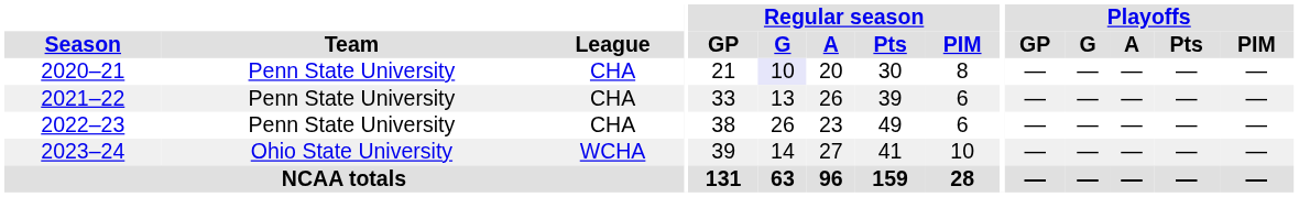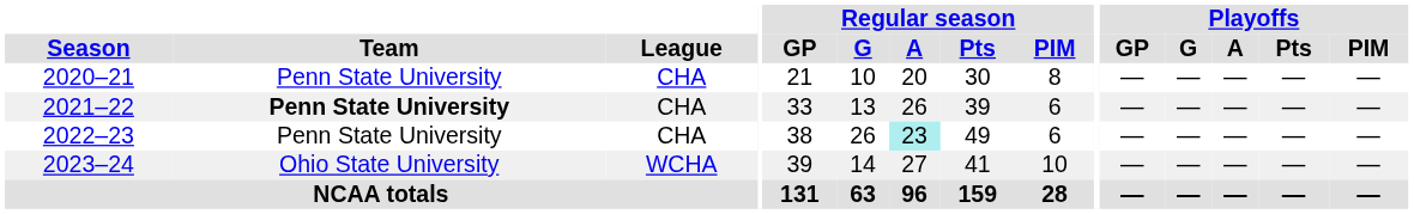 <table border="0" cellpadding="1" cellspacing="0" style="text-align:center; width:60em">
 <tr bgcolor="#e0e0e0">
 <th colspan="3" bgcolor="#ffffff"></th>
 <th rowspan="97" bgcolor="#ffffff"></th>
 <th colspan="5"><a href='#'>Regular season</a></th>
 <th rowspan="97" bgcolor="#ffffff"></th>
 <th colspan="5"><a href='#'>Playoffs</a></th>
 </tr>
 <tr bgcolor="#e0e0e0">
 <th><a href='#'>Season</a></th>
 <th>Team</th>
 <th>League</th>
 <th>GP</th>
 <th><a href='#'>G</a></th>
 <th><a href='#'>A</a></th>
 <th><a href='#'>Pts</a></th>
 <th><a href='#'>PIM</a></th>
 <th>GP</th>
 <th>G</th>
 <th>A</th>
 <th>Pts</th>
 <th>PIM</th>
 </tr>
 <tr>
 <td><a href='#'>2020–21</a></td>
 <td><a href='#'>Penn State University</a></td>
 <td><a href='#'>CHA</a></td>
 <td>21</td>
-<td style="background: lavender;">10</td>
+<td>10</td>
 <td>20</td>
 <td>30</td>
 <td>8</td>
 <td>—</td>
 <td>—</td>
 <td>—</td>
 <td>—</td>
 <td>—</td>
 </tr>
 <tr bgcolor="#f0f0f0">
 <td><a href='#'>2021–22</a></td>
-<td>Penn State University</td>
+<td><strong>Penn State University</strong></td>
 <td>CHA</td>
 <td>33</td>
 <td>13</td>
 <td>26</td>
 <td>39</td>
 <td>6</td>
 <td>—</td>
 <td>—</td>
 <td>—</td>
 <td>—</td>
 <td>—</td>
 </tr>
 <tr>
 <td><a href='#'>2022–23</a></td>
 <td>Penn State University</td>
 <td>CHA</td>
 <td>38</td>
 <td>26</td>
-<td>23</td>
+<td style="background: paleturquoise;">23</td>
 <td>49</td>
 <td>6</td>
 <td>—</td>
 <td>—</td>
 <td>—</td>
 <td>—</td>
 <td>—</td>
 </tr>
 <tr bgcolor="#f0f0f0">
 <td><a href='#'>2023–24</a></td>
 <td><a href='#'>Ohio State University</a></td>
 <td><a href='#'>WCHA</a></td>
 <td>39</td>
 <td>14</td>
 <td>27</td>
 <td>41</td>
 <td>10</td>
 <td>—</td>
 <td>—</td>
 <td>—</td>
 <td>—</td>
 <td>—</td>
 </tr>
 <tr bgcolor="#e0e0e0">
 <th colspan="3">NCAA totals</th>
 <th>131</th>
 <th>63</th>
 <th>96</th>
 <th>159</th>
 <th>28</th>
 <th>—</th>
 <th>—</th>
 <th>—</th>
 <th>—</th>
 <th>—</th>
 </tr>
 </table>
